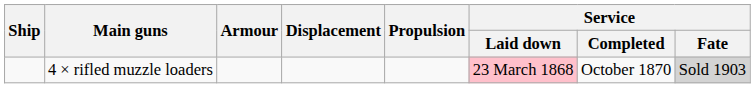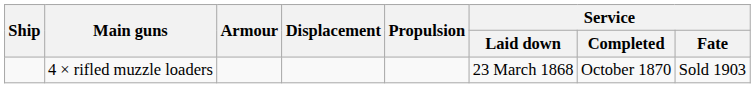 <table class="wikitable">
 <tr valign="center">
 <th align= center rowspan=2>Ship</th>
 <th align= center rowspan=2>Main guns</th>
 <th align= center rowspan=2>Armour</th>
 <th align= center rowspan=2>Displacement</th>
 <th align= center rowspan=2>Propulsion</th>
 <th align= center colspan=3>Service</th>
 </tr>
 <tr valign="top">
 <th align= center>Laid down</th>
 <th align= center>Completed</th>
 <th align= center>Fate</th>
 </tr>
 <tr valign="center">
 <td align= left></td>
 <td align= center>4 ×  rifled muzzle loaders</td>
 <td align= center></td>
 <td align= center></td>
 <td align= center> </td>
-<td align= center style="background: pink;">23 March 1868</td>
+<td align= center>23 March 1868</td>
 <td align= center>October 1870</td>
-<td align= center style="background: lightgrey;">Sold 1903</td>
+<td align= center>Sold 1903</td>
 </tr>
 </table>
